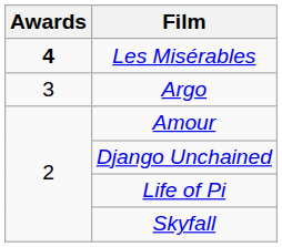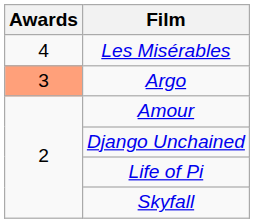 <table class="wikitable" style="text-align:center;">
 <tr>
 <th style="background:">Awards</th>
 <th style="background:">Film</th>
 </tr>
 <tr>
-<td><strong>4</strong></td>
+<td>4</td>
 <td><em><a href='#'>Les Misérables</a></em></td>
 </tr>
 <tr>
-<td>3</td>
+<td style="background: lightsalmon;">3</td>
 <td><em><a href='#'>Argo</a></em></td>
 </tr>
 <tr>
 <td rowspan="4">2</td>
 <td><em><a href='#'>Amour</a></em></td>
 </tr>
 <tr>
 <td><em><a href='#'>Django Unchained</a></em></td>
 </tr>
 <tr>
 <td><em><a href='#'>Life of Pi</a></em></td>
 </tr>
 <tr>
 <td><em><a href='#'>Skyfall</a></em></td>
 </tr>
 </table>
